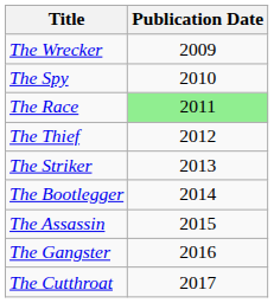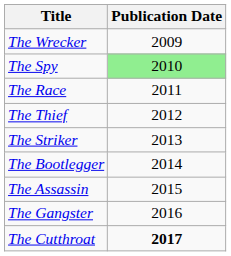 <table class=wikitable>
 <tr>
 <th>Title</th>
 <th>Publication Date</th>
 </tr>
 <tr>
 <td><em><a href='#'>The Wrecker</a></em></td>
 <td style="text-align:center">2009</td>
 </tr>
 <tr>
 <td><em><a href='#'>The Spy</a></em></td>
-<td style="text-align:center">2010</td>
+<td style="background: lightgreen; text-align:center">2010</td>
 </tr>
 <tr>
 <td><em><a href='#'>The Race</a></em></td>
-<td style="background: lightgreen; text-align:center">2011</td>
+<td style="text-align:center">2011</td>
 </tr>
 <tr>
 <td><em><a href='#'>The Thief</a></em></td>
 <td style="text-align:center">2012</td>
 </tr>
 <tr>
 <td><em><a href='#'>The Striker</a></em></td>
 <td style="text-align:center">2013</td>
 </tr>
 <tr>
 <td><em><a href='#'>The Bootlegger</a></em></td>
 <td style="text-align:center">2014</td>
 </tr>
 <tr>
 <td><em><a href='#'>The Assassin</a></em></td>
 <td style="text-align:center">2015</td>
 </tr>
 <tr>
 <td><em><a href='#'>The Gangster</a></em></td>
 <td style="text-align:center">2016</td>
 </tr>
 <tr>
 <td><em><a href='#'>The Cutthroat</a></em></td>
-<td style="text-align:center">2017</td>
+<td style="text-align:center"><strong>2017</strong></td>
 </tr>
 </table>
